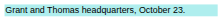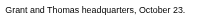 <table align="right" width="292px">
 <tr>
 <td></td>
 </tr>
 <tr style="font-family: sans-serif; font-size:9pt">
-<td style="background: paleturquoise;">Grant and Thomas headquarters, October 23.</td>
+<td>Grant and Thomas headquarters, October 23.</td>
 </tr>
 </table>
